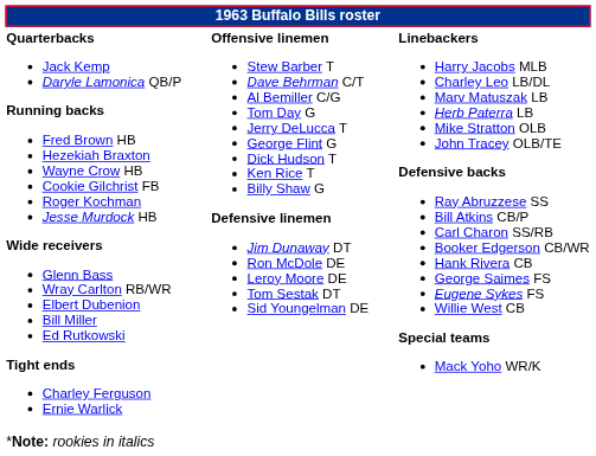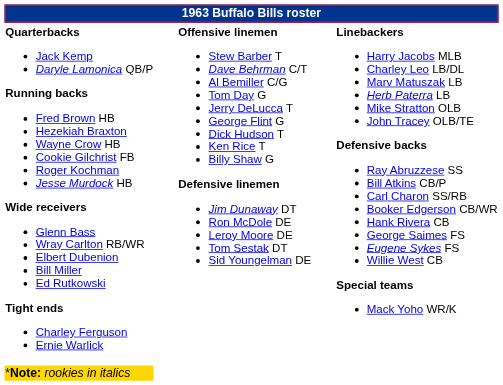 <table class="toccolours" style="text-align: left;">
 <tr>
 <th colspan="7" style="background-color: #00338D; color: #FFFFFF; border:2px solid #C60C30; text-align: center;">1963 Buffalo Bills roster</th>
 </tr>
 <tr>
 <td style="font-size: 95%;" valign="top"><strong>Quarterbacks</strong><br><ul><li> <a href='#'>Jack Kemp</a></li><li> <em><a href='#'>Daryle Lamonica</a></em> QB/P</li></ul><strong>Running backs</strong><ul><li> <a href='#'>Fred Brown</a> HB</li><li> <a href='#'>Hezekiah Braxton</a></li><li> <a href='#'>Wayne Crow</a> HB</li><li> <a href='#'>Cookie Gilchrist</a> FB</li><li> <a href='#'>Roger Kochman</a></li><li> <em><a href='#'>Jesse Murdock</a></em> HB</li></ul><strong>Wide receivers</strong><ul><li> <a href='#'>Glenn Bass</a></li><li> <a href='#'>Wray Carlton</a> RB/WR</li><li> <a href='#'>Elbert Dubenion</a></li><li> <a href='#'>Bill Miller</a></li><li> <a href='#'>Ed Rutkowski</a></li></ul><strong>Tight ends</strong><ul><li> <a href='#'>Charley Ferguson</a></li><li> <a href='#'>Ernie Warlick</a></li></ul></td>
 <td style="width:25px"></td>
 <td style="font-size:95%;" valign="top"><strong>Offensive linemen</strong><br><ul><li> <a href='#'>Stew Barber</a> T</li><li> <em><a href='#'>Dave Behrman</a></em> C/T</li><li> <a href='#'>Al Bemiller</a> C/G</li><li> <a href='#'>Tom Day</a> G</li><li> <a href='#'>Jerry DeLucca</a> T</li><li> <a href='#'>George Flint</a> G</li><li> <a href='#'>Dick Hudson</a> T</li><li> <a href='#'>Ken Rice</a> T</li><li> <a href='#'>Billy Shaw</a> G</li></ul><strong>Defensive linemen</strong><ul><li> <em><a href='#'>Jim Dunaway</a></em> DT</li><li> <a href='#'>Ron McDole</a> DE</li><li> <a href='#'>Leroy Moore</a> DE</li><li> <a href='#'>Tom Sestak</a> DT</li><li> <a href='#'>Sid Youngelman</a> DE</li></ul></td>
 <td style="width:25px;"></td>
 <td style="font-size: 95%" valign="top"><strong>Linebackers</strong><br><ul><li> <a href='#'>Harry Jacobs</a> MLB</li><li> <a href='#'>Charley Leo</a> LB/DL</li><li> <a href='#'>Marv Matuszak</a> LB</li><li> <em><a href='#'>Herb Paterra</a></em> LB</li><li> <a href='#'>Mike Stratton</a> OLB</li><li> <a href='#'>John Tracey</a> OLB/TE</li></ul><strong>Defensive backs</strong><ul><li> <a href='#'>Ray Abruzzese</a> SS</li><li> <a href='#'>Bill Atkins</a> CB/P</li><li> <a href='#'>Carl Charon</a> SS/RB</li><li> <a href='#'>Booker Edgerson</a> CB/WR</li><li> <a href='#'>Hank Rivera</a> CB</li><li> <a href='#'>George Saimes</a> FS</li><li> <em><a href='#'>Eugene Sykes</a></em> FS</li><li> <a href='#'>Willie West</a> CB</li></ul><strong>Special teams</strong><ul><li> <a href='#'>Mack Yoho</a> WR/K</li></ul></td>
 </tr>
 <tr>
-<td>*<strong>Note:</strong> <em>rookies in italics</em></td>
+<td style="background: gold;">*<strong>Note:</strong> <em>rookies in italics</em></td>
 </tr>
 </table>
